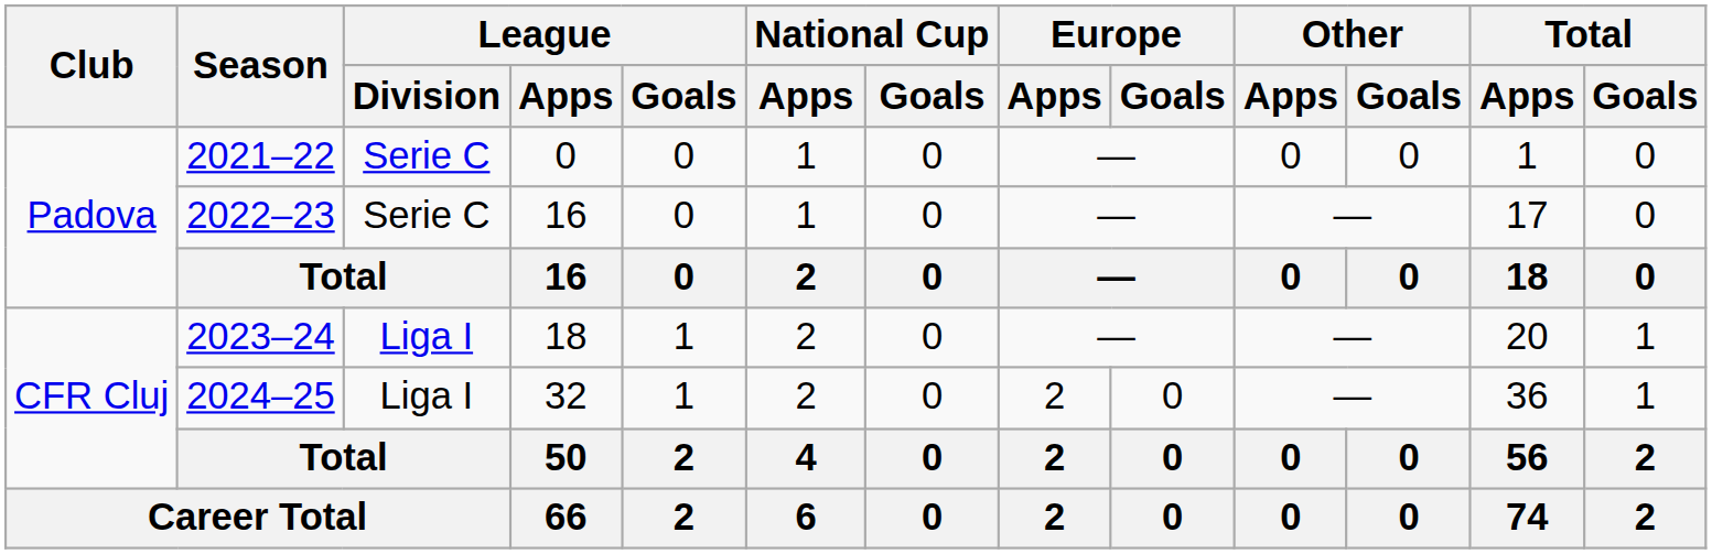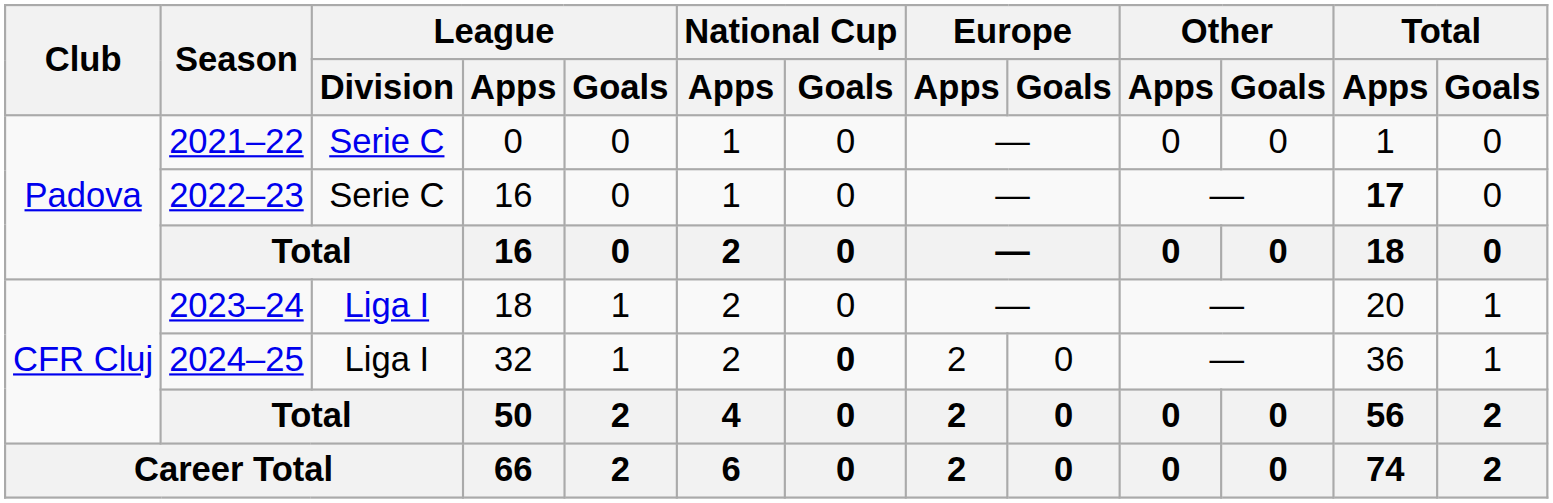 <table class=wikitable style=text-align:center>
 <tr>
 <th rowspan=2>Club</th>
 <th rowspan=2>Season</th>
 <th colspan=3>League</th>
 <th colspan=2>National Cup</th>
 <th colspan=2>Europe</th>
 <th colspan=2>Other</th>
 <th colspan=2>Total</th>
 </tr>
 <tr>
 <th>Division</th>
 <th>Apps</th>
 <th>Goals</th>
 <th>Apps</th>
 <th>Goals</th>
 <th>Apps</th>
 <th>Goals</th>
 <th>Apps</th>
 <th>Goals</th>
 <th>Apps</th>
 <th>Goals</th>
 </tr>
 <tr>
 <td rowspan="3"><a href='#'>Padova</a></td>
 <td><a href='#'>2021–22</a></td>
 <td rowspan="1"><a href='#'>Serie C</a></td>
 <td>0</td>
 <td>0</td>
 <td>1</td>
 <td>0</td>
 <td colspan="2">—</td>
 <td>0</td>
 <td>0</td>
 <td>1</td>
 <td>0</td>
 </tr>
 <tr>
 <td><a href='#'>2022–23</a></td>
 <td rowspan="1">Serie C</td>
 <td>16</td>
 <td>0</td>
 <td>1</td>
 <td>0</td>
 <td colspan="2">—</td>
 <td colspan="2">—</td>
-<td>17</td>
+<td><strong>17</strong></td>
 <td>0</td>
 </tr>
 <tr>
 <th colspan="2">Total</th>
 <th>16</th>
 <th>0</th>
 <th>2</th>
 <th>0</th>
 <th colspan="2">—</th>
 <th>0</th>
 <th>0</th>
 <th>18</th>
 <th>0</th>
 </tr>
 <tr>
 <td rowspan="3"><a href='#'>CFR Cluj</a></td>
 <td><a href='#'>2023–24</a></td>
 <td rowspan="1"><a href='#'>Liga I</a></td>
 <td>18</td>
 <td>1</td>
 <td>2</td>
 <td>0</td>
 <td colspan="2">—</td>
 <td colspan="2">—</td>
 <td>20</td>
 <td>1</td>
 </tr>
 <tr>
 <td><a href='#'>2024–25</a></td>
 <td rowspan="1">Liga I</td>
 <td>32</td>
 <td>1</td>
 <td>2</td>
-<td>0</td>
+<td><strong>0</strong></td>
 <td>2</td>
 <td>0</td>
 <td colspan="2">—</td>
 <td>36</td>
 <td>1</td>
 </tr>
 <tr>
 <th colspan="2">Total</th>
 <th>50</th>
 <th>2</th>
 <th>4</th>
 <th>0</th>
 <th>2</th>
 <th>0</th>
 <th>0</th>
 <th>0</th>
 <th>56</th>
 <th>2</th>
 </tr>
 <tr>
 <th colspan="3">Career Total</th>
 <th>66</th>
 <th>2</th>
 <th>6</th>
 <th>0</th>
 <th>2</th>
 <th>0</th>
 <th>0</th>
 <th>0</th>
 <th>74</th>
 <th>2</th>
 </tr>
 </table>
